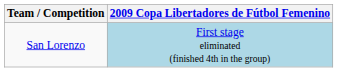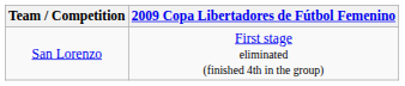 <table class="wikitable">
 <tr>
 <th>Team / Competition</th>
 <th><a href='#'>2009 Copa Libertadores de Fútbol Femenino</a></th>
 </tr>
 <tr align="center">
 <td><a href='#'>San Lorenzo</a></td>
-<td style="background: lightblue;"><a href='#'>First stage</a><br> <small>eliminated <br> (finished 4th in the group)</small></td>
+<td><a href='#'>First stage</a><br> <small>eliminated <br> (finished 4th in the group)</small></td>
 </tr>
 </table>
